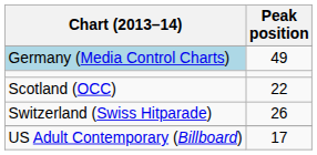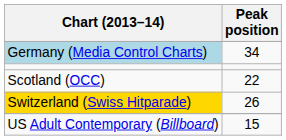 <table class="wikitable sortable">
 <tr>
 <th>Chart (2013–14)</th>
 <th>Peak<br>position</th>
 </tr>
 <tr>
 </tr>
 <tr>
 <td style="background: lightblue;">Germany (<a href='#'>Media Control Charts</a>)</td>
-<td style="text-align:center;">49</td>
+<td style="text-align:center;">34</td>
 </tr>
 <tr>
 <td></td>
 </tr>
 <tr>
 <td>Scotland (<a href='#'>OCC</a>)</td>
 <td style="text-align:center;">22</td>
 </tr>
 <tr>
-<td>Switzerland (<a href='#'>Swiss Hitparade</a>)</td>
+<td style="background: gold;">Switzerland (<a href='#'>Swiss Hitparade</a>)</td>
 <td style="text-align:center;">26</td>
 </tr>
 <tr>
 </tr>
 <tr>
 <td>US <a href='#'>Adult Contemporary</a> (<em><a href='#'>Billboard</a></em>)</td>
-<td style="text-align:center">17</td>
+<td style="text-align:center">15</td>
 </tr>
 </table>
